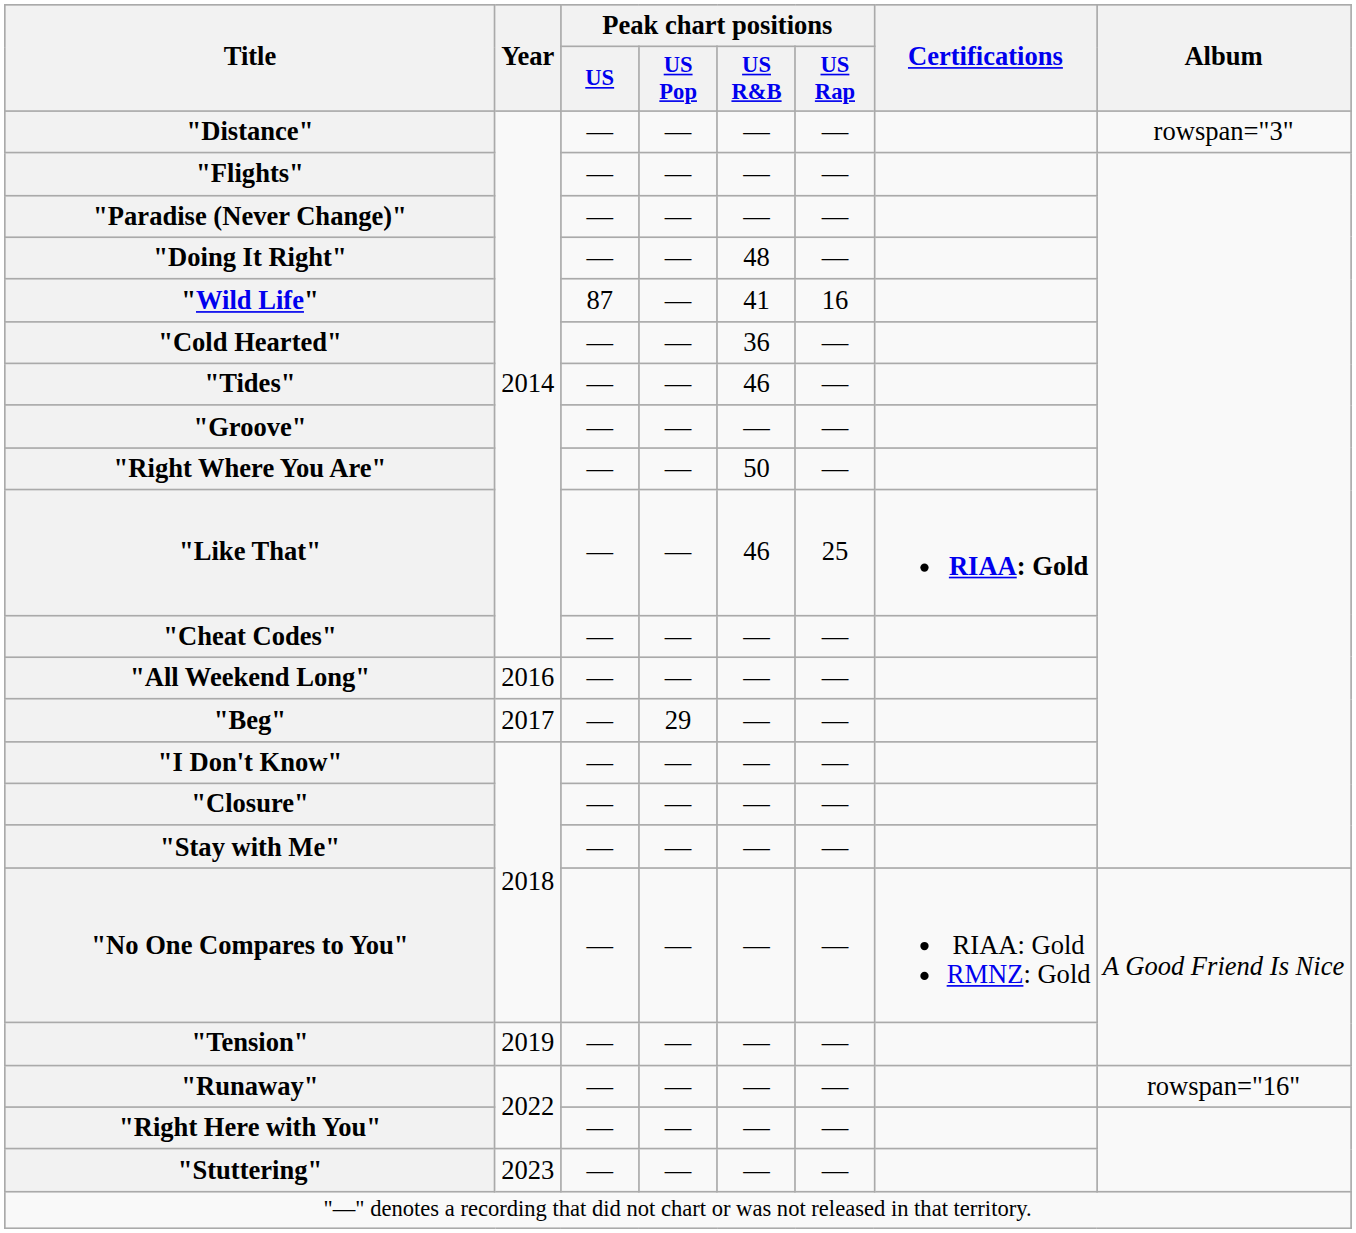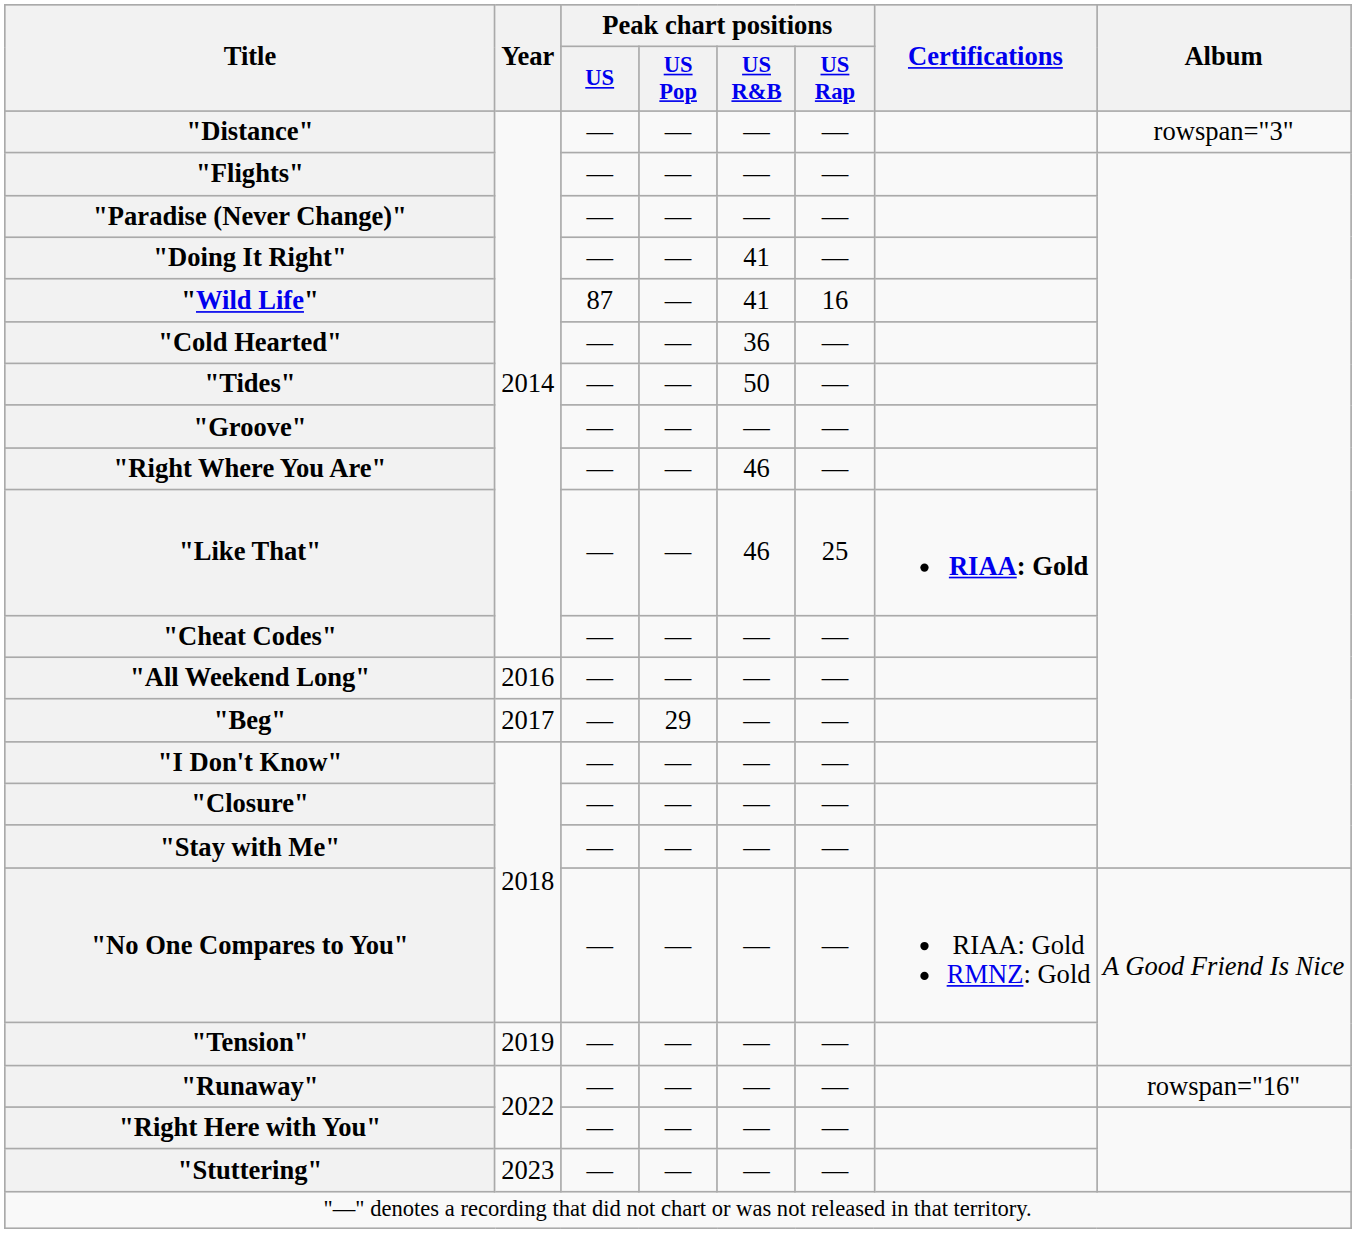 <table class="wikitable plainrowheaders" style="text-align:center;">
 <tr>
 <th scope="col" rowspan="2" style="width:18em;">Title</th>
 <th scope="col" rowspan="2" style="width:1em;">Year</th>
 <th scope="col" colspan="4">Peak chart positions</th>
 <th scope="col" rowspan="2"><a href='#'>Certifications</a></th>
 <th scope="col" rowspan="2">Album</th>
 </tr>
 <tr>
 <th scope="col" style="width:3em;font-size:85%;"><a href='#'>US</a><br></th>
 <th scope="col" style="width:3em;font-size:85%;"><a href='#'>US Pop</a><br></th>
 <th scope="col" style="width:3em;font-size:85%;"><a href='#'>US R&B</a><br></th>
 <th scope="col" style="width:3em;font-size:85%;"><a href='#'>US Rap</a><br></th>
 </tr>
 <tr>
 <th scope="row">"Distance"</th>
 <td rowspan="11">2014</td>
 <td>—</td>
 <td>—</td>
 <td>—</td>
 <td>—</td>
 <td></td>
 <td>rowspan="3" </td>
 </tr>
 <tr>
 <th scope="row">"Flights"</th>
 <td>—</td>
 <td>—</td>
 <td>—</td>
 <td>—</td>
 <td></td>
 </tr>
 <tr>
 <th scope="row">"Paradise (Never Change)"</th>
 <td>—</td>
 <td>—</td>
 <td>—</td>
 <td>—</td>
 <td></td>
 </tr>
 <tr>
 <th scope="row">"Doing It Right"</th>
 <td>—</td>
 <td>—</td>
-<td>48</td>
+<td>41</td>
 <td>—</td>
 <td></td>
 </tr>
 <tr>
 <th scope="row">"<a href='#'>Wild Life</a>"</th>
 <td>87</td>
 <td>—</td>
 <td>41</td>
 <td>16</td>
 <td></td>
 </tr>
 <tr>
 <th scope="row">"Cold Hearted"</th>
 <td>—</td>
 <td>—</td>
 <td>36</td>
 <td>—</td>
 <td></td>
 </tr>
 <tr>
 <th scope="row">"Tides"</th>
 <td>—</td>
 <td>—</td>
-<td>46</td>
+<td>50</td>
 <td>—</td>
 <td></td>
 </tr>
 <tr>
 <th scope="row">"Groove"</th>
 <td>—</td>
 <td>—</td>
 <td>—</td>
 <td>—</td>
 <td></td>
 </tr>
 <tr>
 <th scope="row">"Right Where You Are"</th>
 <td>—</td>
 <td>—</td>
-<td>50</td>
+<td>46</td>
 <td>—</td>
 <td></td>
 </tr>
 <tr>
 <th scope="row">"Like That"<br></th>
 <td>—</td>
 <td>—</td>
 <td>46</td>
 <td>25</td>
 <td><strong><br><ul><li><a href='#'>RIAA</a>: Gold</li></ul></strong></td>
 </tr>
 <tr>
 <th scope="row">"Cheat Codes"<br></th>
 <td>—</td>
 <td>—</td>
 <td>—</td>
 <td>—</td>
 <td></td>
 </tr>
 <tr>
 <th scope="row">"All Weekend Long"</th>
 <td>2016</td>
 <td>—</td>
 <td>—</td>
 <td>—</td>
 <td>—</td>
 <td></td>
 </tr>
 <tr>
 <th scope="row">"Beg"</th>
 <td>2017</td>
 <td>—</td>
 <td>29</td>
 <td>—</td>
 <td>—</td>
 <td></td>
 </tr>
 <tr>
 <th scope="row">"I Don't Know"</th>
 <td rowspan="4">2018</td>
 <td>—</td>
 <td>—</td>
 <td>—</td>
 <td>—</td>
 <td></td>
 </tr>
 <tr>
 <th scope="row">"Closure"</th>
 <td>—</td>
 <td>—</td>
 <td>—</td>
 <td>—</td>
 <td></td>
 </tr>
 <tr>
 <th scope="row">"Stay with Me"</th>
 <td>—</td>
 <td>—</td>
 <td>—</td>
 <td>—</td>
 <td></td>
 </tr>
 <tr>
 <th scope="row">"No One Compares to You"</th>
 <td>—</td>
 <td>—</td>
 <td>—</td>
 <td>—</td>
 <td><br><ul><li>RIAA: Gold</li><li><a href='#'>RMNZ</a>: Gold</li></ul></td>
 <td rowspan="2"><em>A Good Friend Is Nice</em></td>
 </tr>
 <tr>
 <th scope="row">"Tension"</th>
 <td>2019</td>
 <td>—</td>
 <td>—</td>
 <td>—</td>
 <td>—</td>
 <td></td>
 </tr>
 <tr>
 <th scope="row">"Runaway"</th>
 <td rowspan="2">2022</td>
 <td>—</td>
 <td>—</td>
 <td>—</td>
 <td>—</td>
 <td></td>
 <td>rowspan="16" </td>
 </tr>
 <tr>
 <th scope="row">"Right Here with You"</th>
 <td>—</td>
 <td>—</td>
 <td>—</td>
 <td>—</td>
 <td></td>
 </tr>
 <tr>
 <th scope="row">"Stuttering"</th>
 <td>2023</td>
 <td>—</td>
 <td>—</td>
 <td>—</td>
 <td>—</td>
 <td></td>
 </tr>
 <tr>
 <td colspan="8" style="font-size:85%">"—" denotes a recording that did not chart or was not released in that territory.</td>
 </tr>
 </table>
